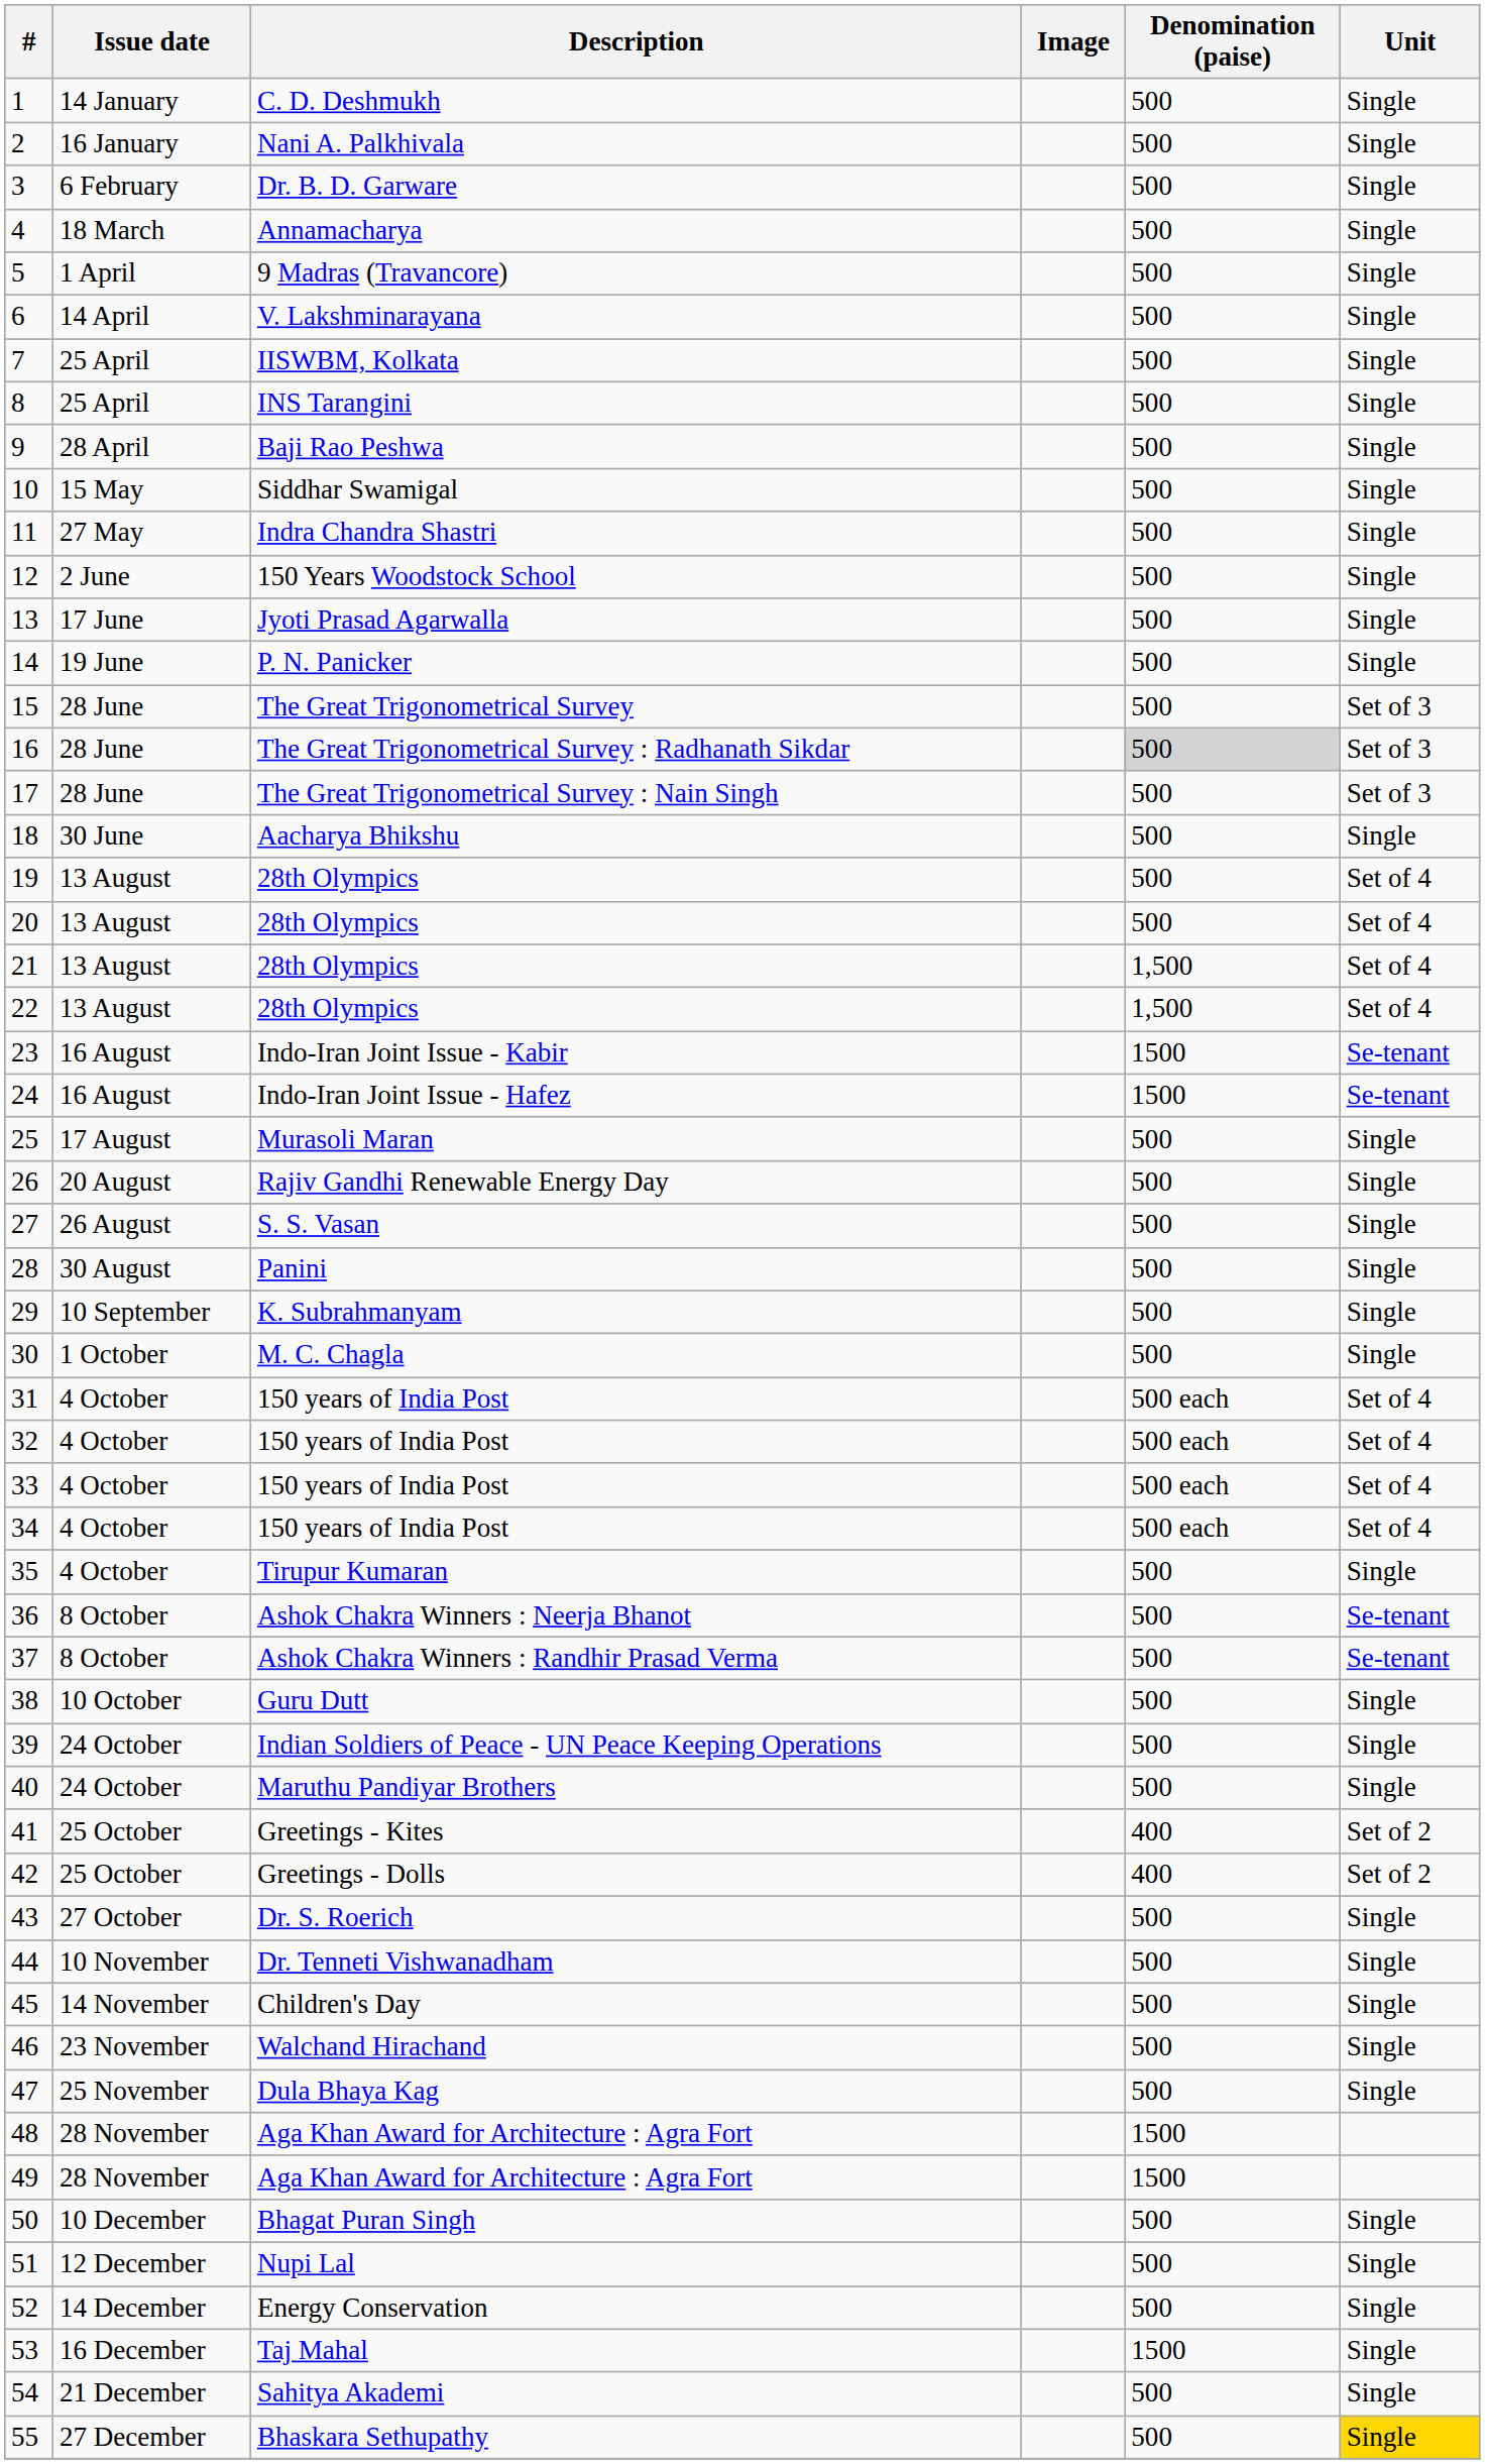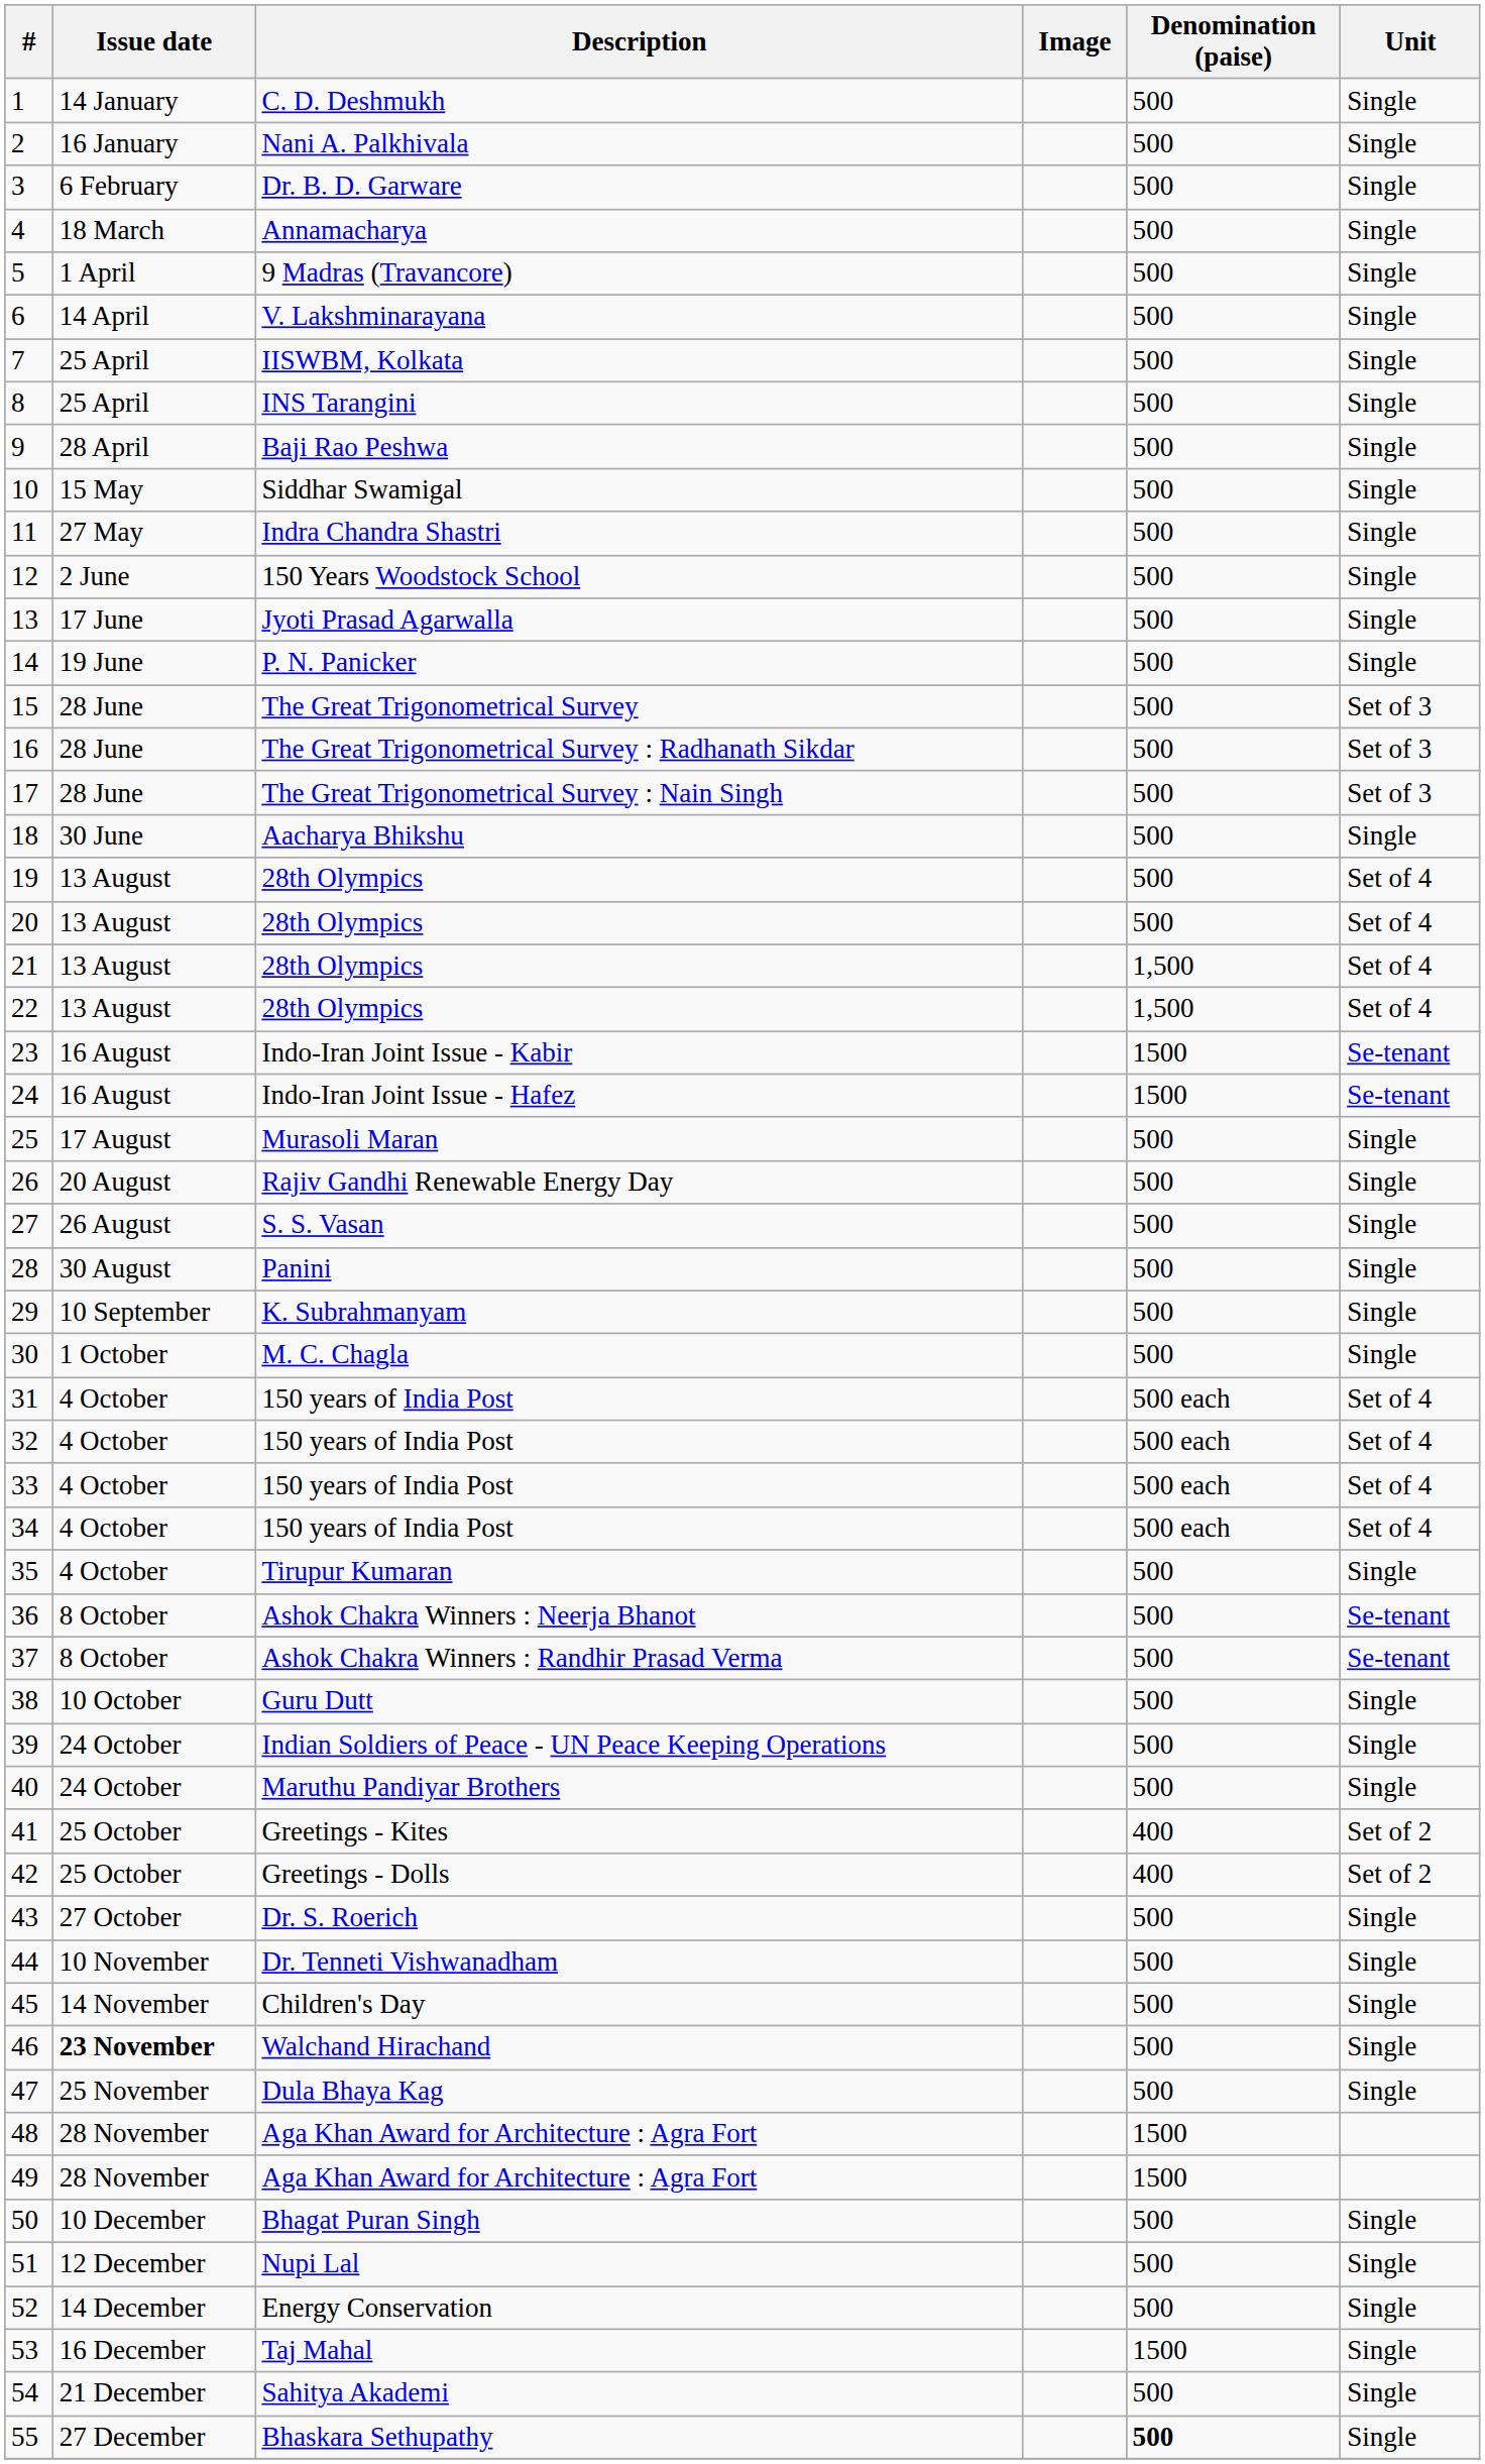 <table class="wikitable" style="text-align:justify" width="98%">
 <tr>
 <th>#</th>
 <th>Issue date</th>
 <th>Description</th>
 <th>Image</th>
 <th>Denomination<br>(paise)</th>
 <th>Unit</th>
 </tr>
 <tr>
 <td>1</td>
 <td>14 January</td>
 <td><a href='#'>C. D. Deshmukh</a></td>
 <td></td>
 <td>500</td>
 <td>Single</td>
 </tr>
 <tr>
 <td>2</td>
 <td>16 January</td>
 <td><a href='#'>Nani A. Palkhivala</a></td>
 <td></td>
 <td>500</td>
 <td>Single</td>
 </tr>
 <tr>
 <td>3</td>
 <td>6 February</td>
 <td><a href='#'>Dr. B. D. Garware</a></td>
 <td></td>
 <td>500</td>
 <td>Single</td>
 </tr>
 <tr>
 <td>4</td>
 <td>18 March</td>
 <td><a href='#'>Annamacharya</a></td>
 <td></td>
 <td>500</td>
 <td>Single</td>
 </tr>
 <tr>
 <td>5</td>
 <td>1 April</td>
 <td>9 <a href='#'>Madras</a> (<a href='#'>Travancore</a>)</td>
 <td></td>
 <td>500</td>
 <td>Single</td>
 </tr>
 <tr>
 <td>6</td>
 <td>14 April</td>
 <td><a href='#'>V. Lakshminarayana</a></td>
 <td></td>
 <td>500</td>
 <td>Single</td>
 </tr>
 <tr>
 <td>7</td>
 <td>25 April</td>
 <td><a href='#'>IISWBM, Kolkata</a></td>
 <td></td>
 <td>500</td>
 <td>Single</td>
 </tr>
 <tr>
 <td>8</td>
 <td>25 April</td>
 <td><a href='#'>INS Tarangini</a></td>
 <td></td>
 <td>500</td>
 <td>Single</td>
 </tr>
 <tr>
 <td>9</td>
 <td>28 April</td>
 <td><a href='#'>Baji Rao Peshwa</a></td>
 <td></td>
 <td>500</td>
 <td>Single</td>
 </tr>
 <tr>
 <td>10</td>
 <td>15 May</td>
 <td>Siddhar Swamigal</td>
 <td></td>
 <td>500</td>
 <td>Single</td>
 </tr>
 <tr>
 <td>11</td>
 <td>27 May</td>
 <td><a href='#'>Indra Chandra Shastri</a></td>
 <td></td>
 <td>500</td>
 <td>Single</td>
 </tr>
 <tr>
 <td>12</td>
 <td>2 June</td>
 <td>150 Years <a href='#'>Woodstock School</a></td>
 <td></td>
 <td>500</td>
 <td>Single</td>
 </tr>
 <tr>
 <td>13</td>
 <td>17 June</td>
 <td><a href='#'>Jyoti Prasad Agarwalla</a></td>
 <td></td>
 <td>500</td>
 <td>Single</td>
 </tr>
 <tr>
 <td>14</td>
 <td>19 June</td>
 <td><a href='#'>P. N. Panicker</a></td>
 <td></td>
 <td>500</td>
 <td>Single</td>
 </tr>
 <tr>
 <td>15</td>
 <td>28 June</td>
 <td><a href='#'>The Great Trigonometrical Survey</a></td>
 <td></td>
 <td>500</td>
 <td>Set of 3</td>
 </tr>
 <tr>
 <td>16</td>
 <td>28 June</td>
 <td><a href='#'>The Great Trigonometrical Survey</a> : <a href='#'>Radhanath Sikdar</a></td>
 <td></td>
-<td style="background: lightgrey;">500</td>
+<td>500</td>
 <td>Set of 3</td>
 </tr>
 <tr>
 <td>17</td>
 <td>28 June</td>
 <td><a href='#'>The Great Trigonometrical Survey</a> : <a href='#'>Nain Singh</a></td>
 <td></td>
 <td>500</td>
 <td>Set of 3</td>
 </tr>
 <tr>
 <td>18</td>
 <td>30 June</td>
 <td><a href='#'>Aacharya Bhikshu</a></td>
 <td></td>
 <td>500</td>
 <td>Single</td>
 </tr>
 <tr>
 <td>19</td>
 <td>13 August</td>
 <td><a href='#'>28th Olympics</a></td>
 <td></td>
 <td>500</td>
 <td>Set of 4</td>
 </tr>
 <tr>
 <td>20</td>
 <td>13 August</td>
 <td><a href='#'>28th Olympics</a></td>
 <td></td>
 <td>500</td>
 <td>Set of 4</td>
 </tr>
 <tr>
 <td>21</td>
 <td>13 August</td>
 <td><a href='#'>28th Olympics</a></td>
 <td></td>
 <td>1,500</td>
 <td>Set of 4</td>
 </tr>
 <tr>
 <td>22</td>
 <td>13 August</td>
 <td><a href='#'>28th Olympics</a></td>
 <td></td>
 <td>1,500</td>
 <td>Set of 4</td>
 </tr>
 <tr>
 <td>23</td>
 <td>16 August</td>
 <td>Indo-Iran Joint Issue - <a href='#'>Kabir</a></td>
 <td></td>
 <td>1500</td>
 <td><a href='#'>Se-tenant</a></td>
 </tr>
 <tr>
 <td>24</td>
 <td>16 August</td>
 <td>Indo-Iran Joint Issue - <a href='#'>Hafez</a></td>
 <td></td>
 <td>1500</td>
 <td><a href='#'>Se-tenant</a></td>
 </tr>
 <tr>
 <td>25</td>
 <td>17 August</td>
 <td><a href='#'>Murasoli Maran</a></td>
 <td></td>
 <td>500</td>
 <td>Single</td>
 </tr>
 <tr>
 <td>26</td>
 <td>20 August</td>
 <td><a href='#'>Rajiv Gandhi</a> Renewable Energy Day</td>
 <td></td>
 <td>500</td>
 <td>Single</td>
 </tr>
 <tr>
 <td>27</td>
 <td>26 August</td>
 <td><a href='#'>S. S. Vasan</a></td>
 <td></td>
 <td>500</td>
 <td>Single</td>
 </tr>
 <tr>
 <td>28</td>
 <td>30 August</td>
 <td><a href='#'>Panini</a></td>
 <td></td>
 <td>500</td>
 <td>Single</td>
 </tr>
 <tr>
 <td>29</td>
 <td>10 September</td>
 <td><a href='#'>K. Subrahmanyam</a></td>
 <td></td>
 <td>500</td>
 <td>Single</td>
 </tr>
 <tr>
 <td>30</td>
 <td>1 October</td>
 <td><a href='#'>M. C. Chagla</a></td>
 <td></td>
 <td>500</td>
 <td>Single</td>
 </tr>
 <tr>
 <td>31</td>
 <td>4 October</td>
 <td>150 years of <a href='#'>India Post</a></td>
 <td></td>
 <td>500 each</td>
 <td>Set of 4</td>
 </tr>
 <tr>
 <td>32</td>
 <td>4 October</td>
 <td>150 years of India Post</td>
 <td></td>
 <td>500 each</td>
 <td>Set of 4</td>
 </tr>
 <tr>
 <td>33</td>
 <td>4 October</td>
 <td>150 years of India Post</td>
 <td></td>
 <td>500 each</td>
 <td>Set of 4</td>
 </tr>
 <tr>
 <td>34</td>
 <td>4 October</td>
 <td>150 years of India Post</td>
 <td></td>
 <td>500 each</td>
 <td>Set of 4</td>
 </tr>
 <tr>
 <td>35</td>
 <td>4 October</td>
 <td><a href='#'>Tirupur Kumaran</a></td>
 <td></td>
 <td>500</td>
 <td>Single</td>
 </tr>
 <tr>
 <td>36</td>
 <td>8 October</td>
 <td><a href='#'>Ashok Chakra</a> Winners : <a href='#'>Neerja Bhanot</a></td>
 <td></td>
 <td>500</td>
 <td><a href='#'>Se-tenant</a></td>
 </tr>
 <tr>
 <td>37</td>
 <td>8 October</td>
 <td><a href='#'>Ashok Chakra</a> Winners : <a href='#'>Randhir Prasad Verma</a></td>
 <td></td>
 <td>500</td>
 <td><a href='#'>Se-tenant</a></td>
 </tr>
 <tr>
 <td>38</td>
 <td>10 October</td>
 <td><a href='#'>Guru Dutt</a></td>
 <td></td>
 <td>500</td>
 <td>Single</td>
 </tr>
 <tr>
 <td>39</td>
 <td>24 October</td>
 <td><a href='#'>Indian Soldiers of Peace</a> - <a href='#'>UN Peace Keeping Operations</a></td>
 <td></td>
 <td>500</td>
 <td>Single</td>
 </tr>
 <tr>
 <td>40</td>
 <td>24 October</td>
 <td><a href='#'>Maruthu Pandiyar Brothers</a></td>
 <td></td>
 <td>500</td>
 <td>Single</td>
 </tr>
 <tr>
 <td>41</td>
 <td>25 October</td>
 <td>Greetings - Kites</td>
 <td></td>
 <td>400</td>
 <td>Set of 2</td>
 </tr>
 <tr>
 <td>42</td>
 <td>25 October</td>
 <td>Greetings - Dolls</td>
 <td></td>
 <td>400</td>
 <td>Set of 2</td>
 </tr>
 <tr>
 <td>43</td>
 <td>27 October</td>
 <td><a href='#'>Dr. S. Roerich</a></td>
 <td></td>
 <td>500</td>
 <td>Single</td>
 </tr>
 <tr>
 <td>44</td>
 <td>10 November</td>
 <td><a href='#'>Dr. Tenneti Vishwanadham</a></td>
 <td></td>
 <td>500</td>
 <td>Single</td>
 </tr>
 <tr>
 <td>45</td>
 <td>14 November</td>
 <td>Children's Day</td>
 <td></td>
 <td>500</td>
 <td>Single</td>
 </tr>
 <tr>
 <td>46</td>
-<td>23 November</td>
+<td><strong>23 November</strong></td>
 <td><a href='#'>Walchand Hirachand</a></td>
 <td></td>
 <td>500</td>
 <td>Single</td>
 </tr>
 <tr>
 <td>47</td>
 <td>25 November</td>
 <td><a href='#'>Dula Bhaya Kag</a></td>
 <td></td>
 <td>500</td>
 <td>Single</td>
 </tr>
 <tr>
 <td>48</td>
 <td>28 November</td>
 <td><a href='#'>Aga Khan Award for Architecture</a> : <a href='#'>Agra Fort</a></td>
 <td></td>
 <td>1500</td>
 <td></td>
 </tr>
 <tr>
 <td>49</td>
 <td>28 November</td>
 <td><a href='#'>Aga Khan Award for Architecture</a> : <a href='#'>Agra Fort</a></td>
 <td></td>
 <td>1500</td>
 <td></td>
 </tr>
 <tr>
 <td>50</td>
 <td>10 December</td>
 <td><a href='#'>Bhagat Puran Singh</a></td>
 <td></td>
 <td>500</td>
 <td>Single</td>
 </tr>
 <tr>
 <td>51</td>
 <td>12 December</td>
 <td><a href='#'>Nupi Lal</a></td>
 <td></td>
 <td>500</td>
 <td>Single</td>
 </tr>
 <tr>
 <td>52</td>
 <td>14 December</td>
 <td>Energy Conservation</td>
 <td></td>
 <td>500</td>
 <td>Single</td>
 </tr>
 <tr>
 <td>53</td>
 <td>16 December</td>
 <td><a href='#'>Taj Mahal</a></td>
 <td></td>
 <td>1500</td>
 <td>Single</td>
 </tr>
 <tr>
 <td>54</td>
 <td>21 December</td>
 <td><a href='#'>Sahitya Akademi</a></td>
 <td></td>
 <td>500</td>
 <td>Single</td>
 </tr>
 <tr>
 <td>55</td>
 <td>27 December</td>
 <td><a href='#'>Bhaskara Sethupathy</a></td>
 <td></td>
-<td>500</td>
-<td style="background: gold;">Single</td>
+<td><strong>500</strong></td>
+<td>Single</td>
 </tr>
 <tr>
 </tr>
 </table>
